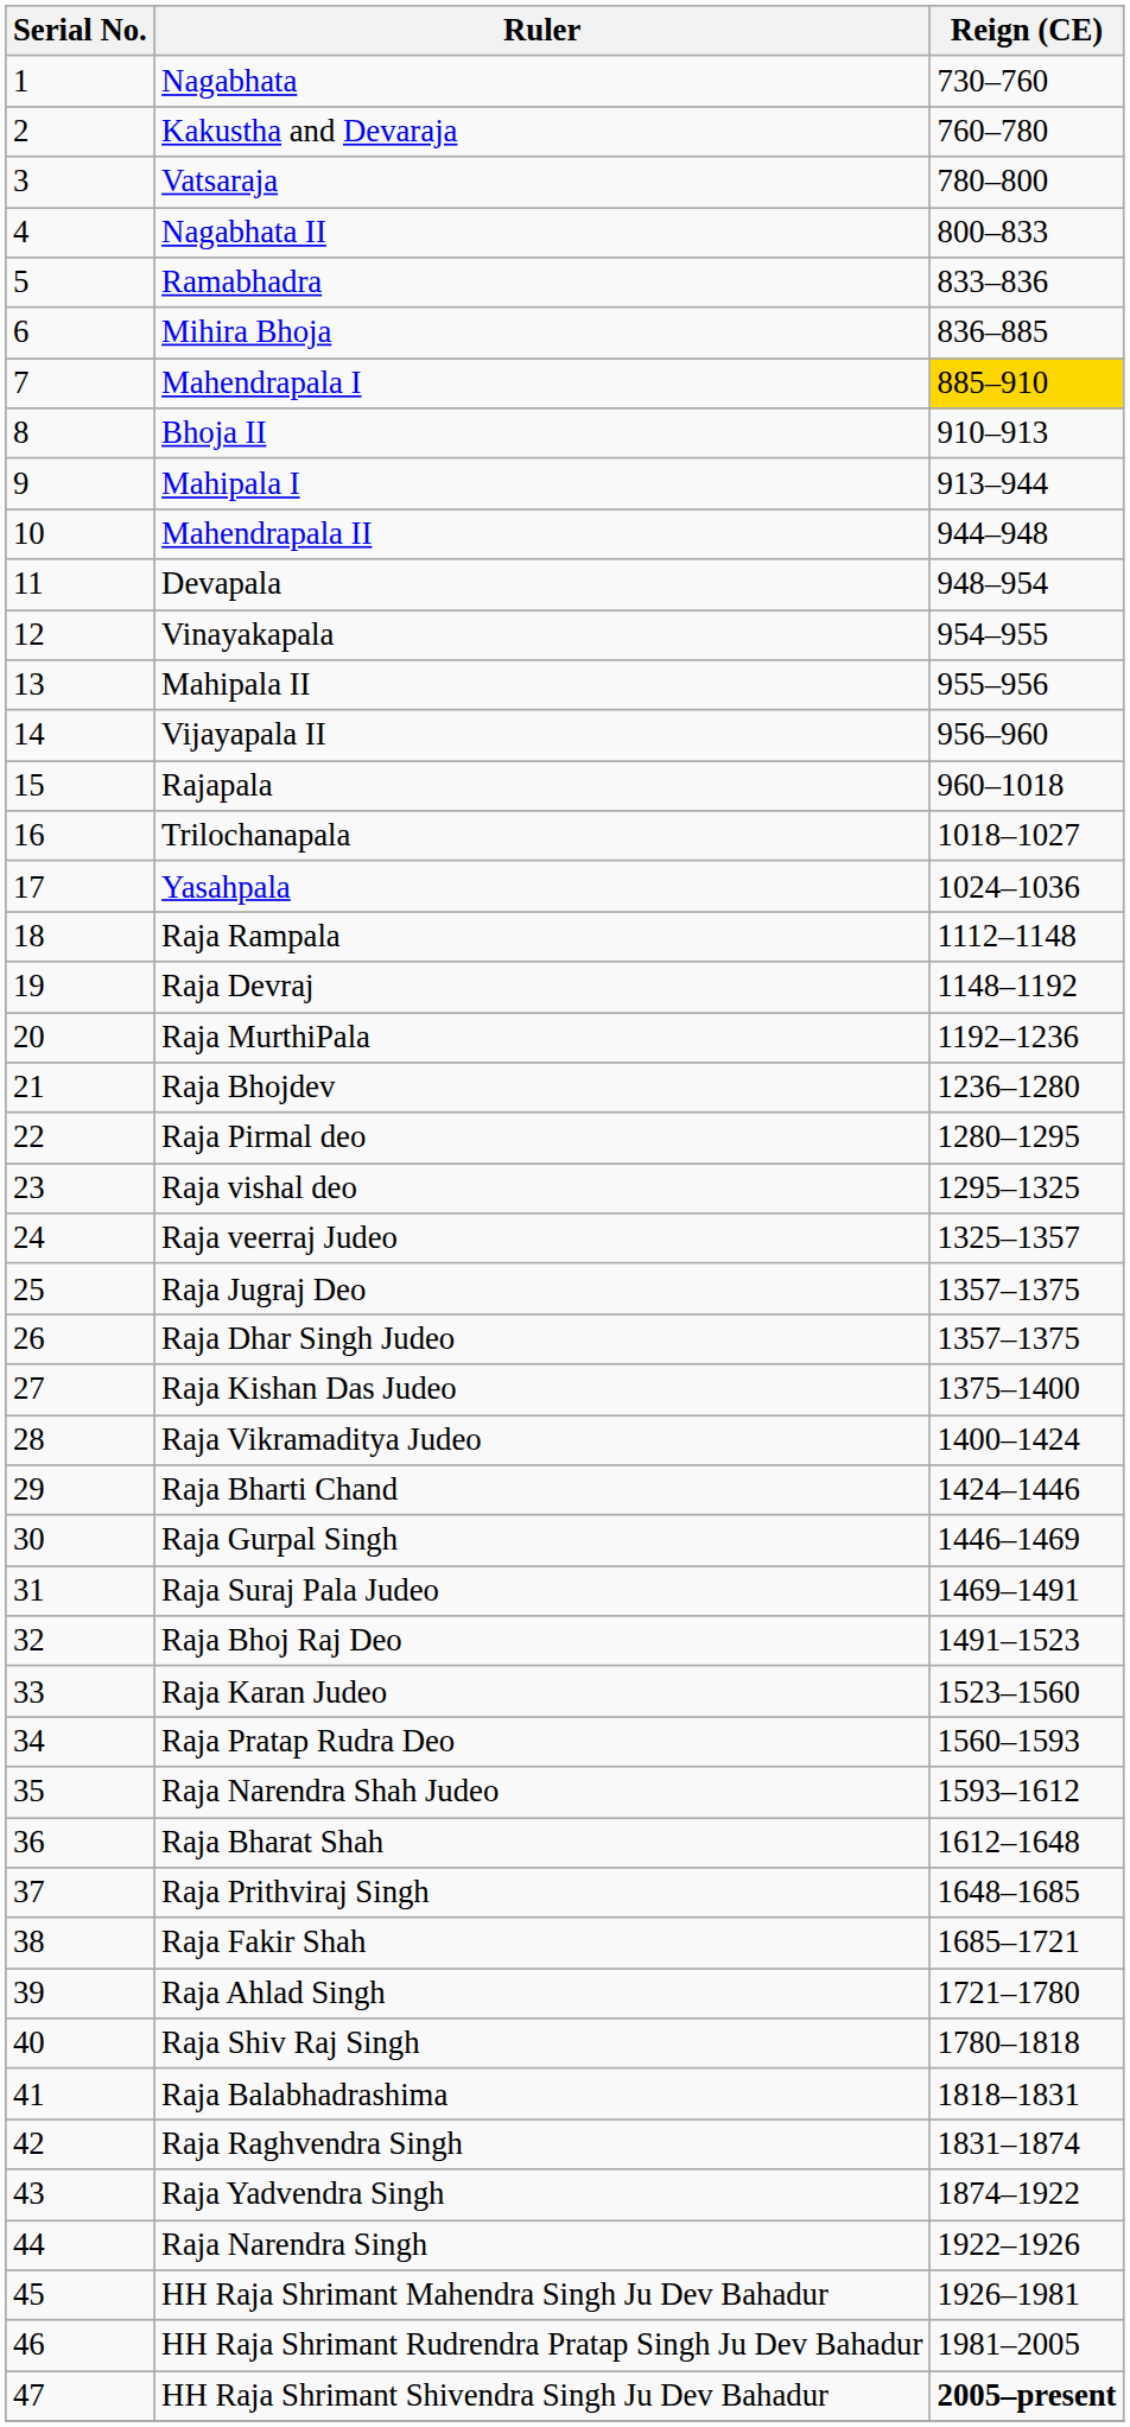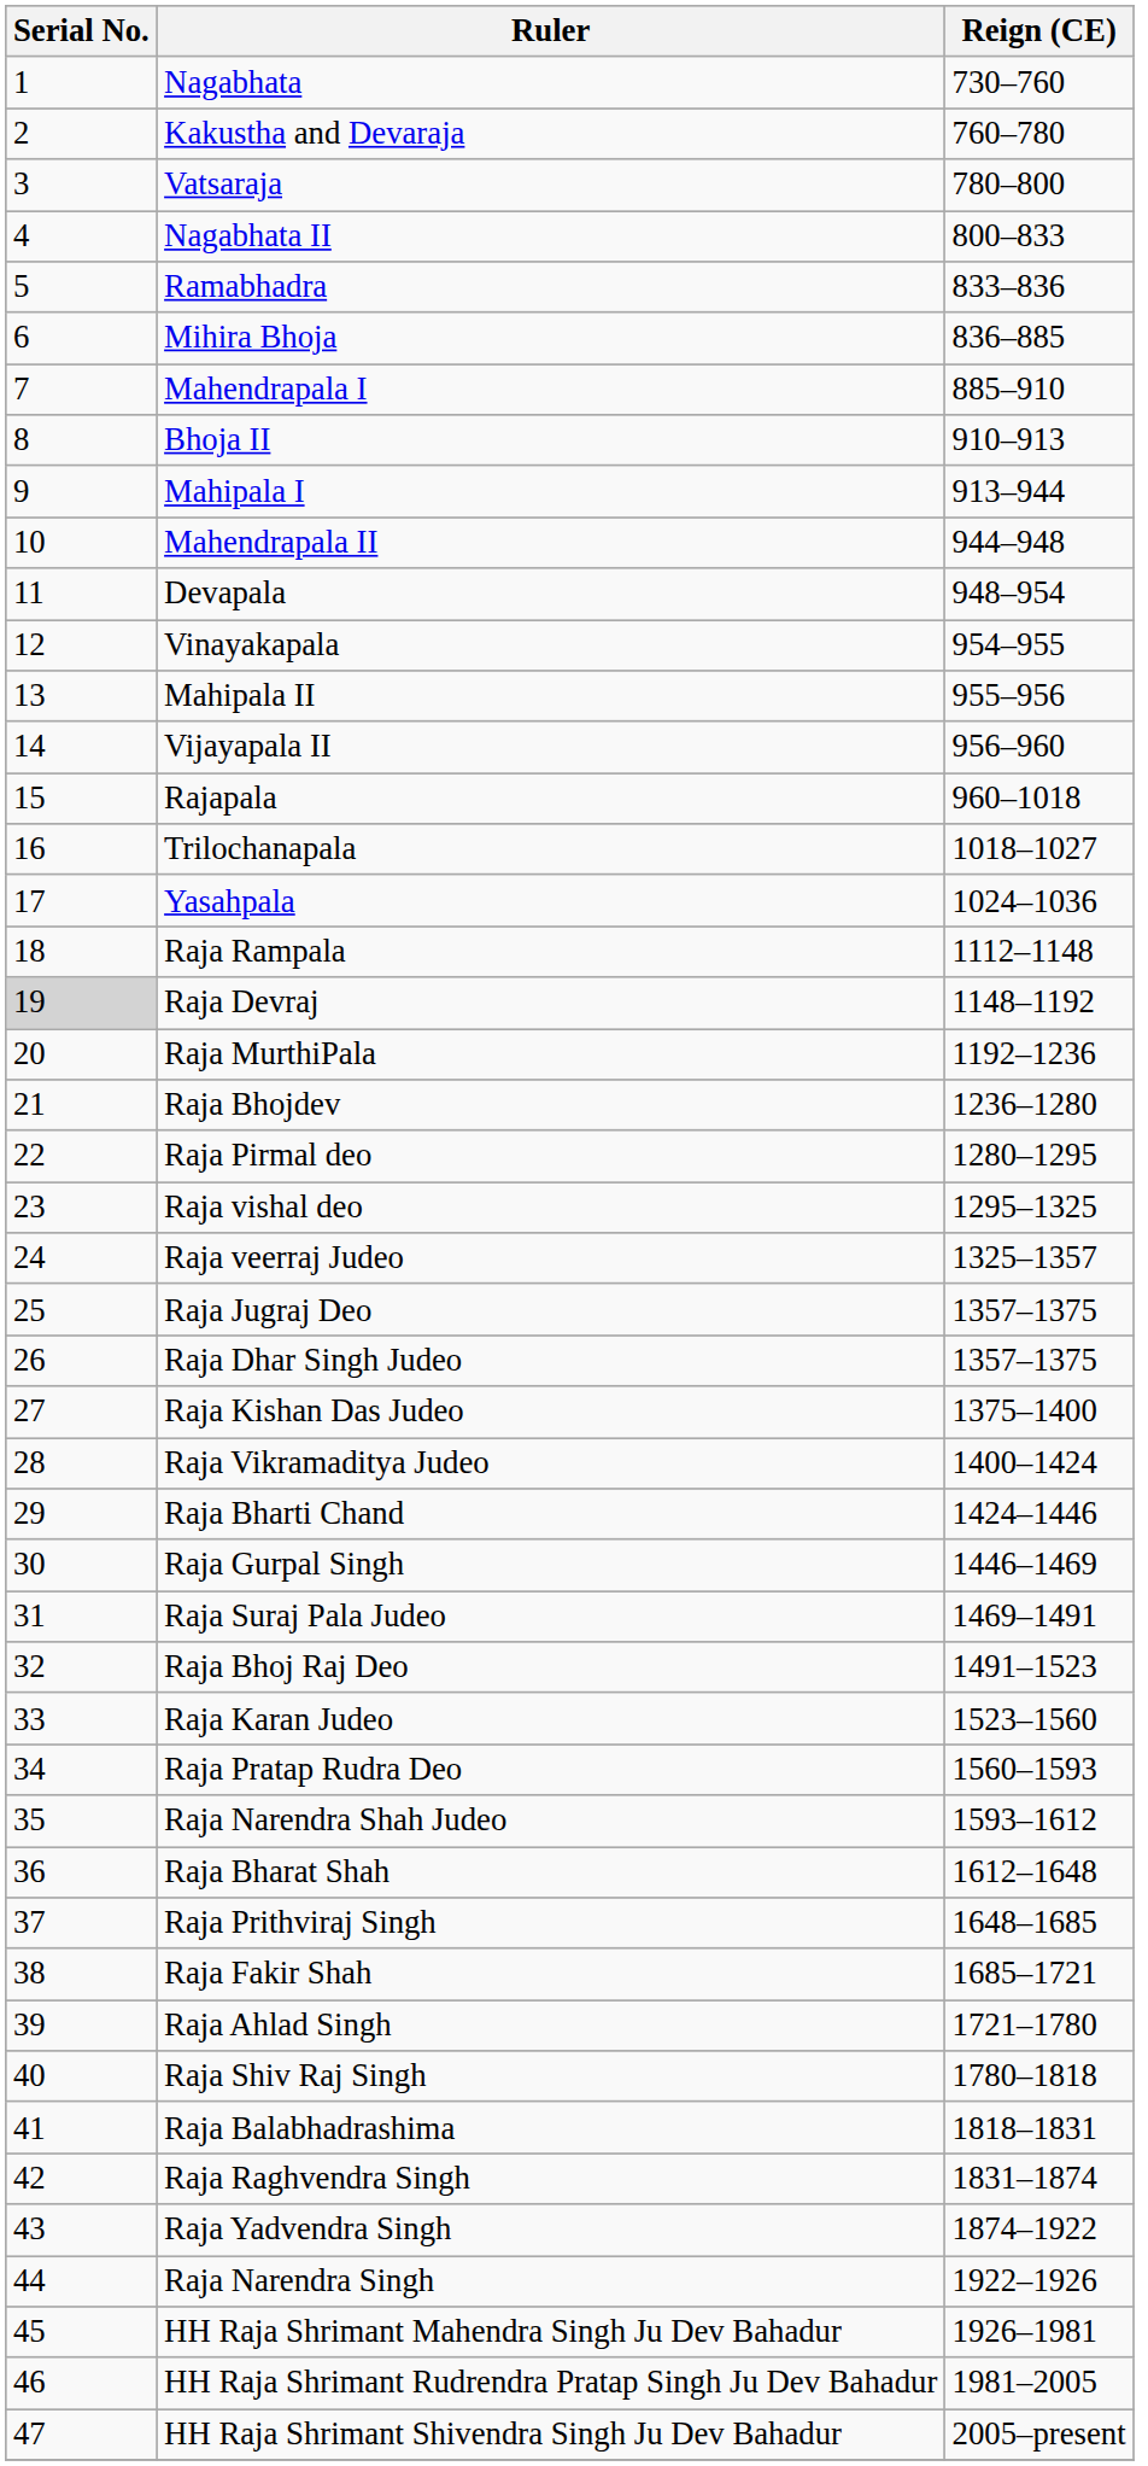 <table class="wikitable">
 <tr>
 <th>Serial No.</th>
 <th>Ruler</th>
 <th>Reign (CE)</th>
 </tr>
 <tr>
 <td>1</td>
 <td><a href='#'>Nagabhata</a></td>
 <td>730–760</td>
 </tr>
 <tr>
 <td>2</td>
 <td><a href='#'>Kakustha</a> and <a href='#'>Devaraja</a></td>
 <td>760–780</td>
 </tr>
 <tr>
 <td>3</td>
 <td><a href='#'>Vatsaraja</a></td>
 <td>780–800</td>
 </tr>
 <tr>
 <td>4</td>
 <td><a href='#'>Nagabhata II</a></td>
 <td>800–833</td>
 </tr>
 <tr>
 <td>5</td>
 <td><a href='#'>Ramabhadra</a></td>
 <td>833–836</td>
 </tr>
 <tr>
 <td>6</td>
 <td><a href='#'>Mihira Bhoja</a></td>
 <td>836–885</td>
 </tr>
 <tr>
 <td>7</td>
 <td><a href='#'>Mahendrapala I</a></td>
-<td style="background: gold;">885–910</td>
+<td>885–910</td>
 </tr>
 <tr>
 <td>8</td>
 <td><a href='#'>Bhoja II</a></td>
 <td>910–913</td>
 </tr>
 <tr>
 <td>9</td>
 <td><a href='#'>Mahipala I</a></td>
 <td>913–944</td>
 </tr>
 <tr>
 <td>10</td>
 <td><a href='#'>Mahendrapala II</a></td>
 <td>944–948</td>
 </tr>
 <tr>
 <td>11</td>
 <td>Devapala</td>
 <td>948–954</td>
 </tr>
 <tr>
 <td>12</td>
 <td>Vinayakapala</td>
 <td>954–955</td>
 </tr>
 <tr>
 <td>13</td>
 <td>Mahipala II</td>
 <td>955–956</td>
 </tr>
 <tr>
 <td>14</td>
 <td>Vijayapala II</td>
 <td>956–960</td>
 </tr>
 <tr>
 <td>15</td>
 <td>Rajapala</td>
 <td>960–1018</td>
 </tr>
 <tr>
 <td>16</td>
 <td>Trilochanapala</td>
 <td>1018–1027</td>
 </tr>
 <tr>
 <td>17</td>
 <td><a href='#'>Yasahpala</a></td>
 <td>1024–1036</td>
 </tr>
 <tr>
 <td>18</td>
 <td>Raja Rampala</td>
 <td>1112–1148</td>
 </tr>
 <tr>
-<td>19</td>
+<td style="background: lightgrey;">19</td>
 <td>Raja Devraj</td>
 <td>1148–1192</td>
 </tr>
 <tr>
 <td>20</td>
 <td>Raja MurthiPala</td>
 <td>1192–1236</td>
 </tr>
 <tr>
 <td>21</td>
 <td>Raja Bhojdev</td>
 <td>1236–1280</td>
 </tr>
 <tr>
 <td>22</td>
 <td>Raja Pirmal deo</td>
 <td>1280–1295</td>
 </tr>
 <tr>
 <td>23</td>
 <td>Raja vishal deo</td>
 <td>1295–1325</td>
 </tr>
 <tr>
 <td>24</td>
 <td>Raja veerraj Judeo</td>
 <td>1325–1357</td>
 </tr>
 <tr>
 <td>25</td>
 <td>Raja Jugraj Deo</td>
 <td>1357–1375</td>
 </tr>
 <tr>
 <td>26</td>
 <td>Raja Dhar Singh Judeo</td>
 <td>1357–1375</td>
 </tr>
 <tr>
 <td>27</td>
 <td>Raja Kishan Das Judeo</td>
 <td>1375–1400</td>
 </tr>
 <tr>
 <td>28</td>
 <td>Raja Vikramaditya Judeo</td>
 <td>1400–1424</td>
 </tr>
 <tr>
 <td>29</td>
 <td>Raja Bharti Chand</td>
 <td>1424–1446</td>
 </tr>
 <tr>
 <td>30</td>
 <td>Raja Gurpal Singh</td>
 <td>1446–1469</td>
 </tr>
 <tr>
 <td>31</td>
 <td>Raja Suraj Pala Judeo</td>
 <td>1469–1491</td>
 </tr>
 <tr>
 <td>32</td>
 <td>Raja Bhoj Raj Deo</td>
 <td>1491–1523</td>
 </tr>
 <tr>
 <td>33</td>
 <td>Raja Karan Judeo</td>
 <td>1523–1560</td>
 </tr>
 <tr>
 <td>34</td>
 <td>Raja Pratap Rudra Deo</td>
 <td>1560–1593</td>
 </tr>
 <tr>
 <td>35</td>
 <td>Raja Narendra Shah Judeo</td>
 <td>1593–1612</td>
 </tr>
 <tr>
 <td>36</td>
 <td>Raja Bharat Shah</td>
 <td>1612–1648</td>
 </tr>
 <tr>
 <td>37</td>
 <td>Raja Prithviraj Singh</td>
 <td>1648–1685</td>
 </tr>
 <tr>
 <td>38</td>
 <td>Raja Fakir Shah</td>
 <td>1685–1721</td>
 </tr>
 <tr>
 <td>39</td>
 <td>Raja Ahlad Singh</td>
 <td>1721–1780</td>
 </tr>
 <tr>
 <td>40</td>
 <td>Raja Shiv Raj Singh</td>
 <td>1780–1818</td>
 </tr>
 <tr>
 <td>41</td>
 <td>Raja Balabhadrashima</td>
 <td>1818–1831</td>
 </tr>
 <tr>
 <td>42</td>
 <td>Raja Raghvendra Singh</td>
 <td>1831–1874</td>
 </tr>
 <tr>
 <td>43</td>
 <td>Raja Yadvendra Singh</td>
 <td>1874–1922</td>
 </tr>
 <tr>
 <td>44</td>
 <td>Raja Narendra Singh</td>
 <td>1922–1926</td>
 </tr>
 <tr>
 <td>45</td>
 <td>HH Raja Shrimant Mahendra Singh Ju Dev Bahadur</td>
 <td>1926–1981</td>
 </tr>
 <tr>
 <td>46</td>
 <td>HH Raja Shrimant Rudrendra Pratap Singh Ju Dev Bahadur</td>
 <td>1981–2005</td>
 </tr>
 <tr>
 <td>47</td>
 <td>HH Raja Shrimant Shivendra Singh Ju Dev Bahadur</td>
-<td><strong>2005–present</strong></td>
+<td>2005–present</td>
 </tr>
 <tr>
 </tr>
 </table>
